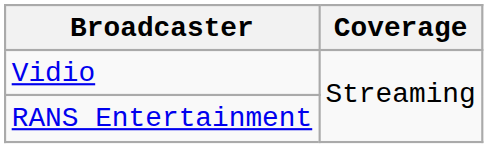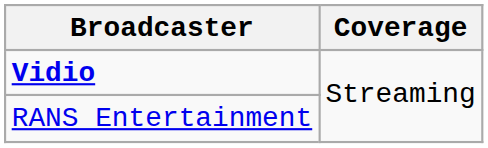 <table class="wikitable">
 <tr>
 <th>Broadcaster</th>
 <th>Coverage</th>
 </tr>
 <tr>
-<td><a href='#'>Vidio</a></td>
+<td><strong><a href='#'>Vidio</a></strong></td>
 <td rowspan="2" style="text-align:center">Streaming</td>
 </tr>
 <tr>
 <td><a href='#'>RANS Entertainment</a></td>
 </tr>
 </table>
